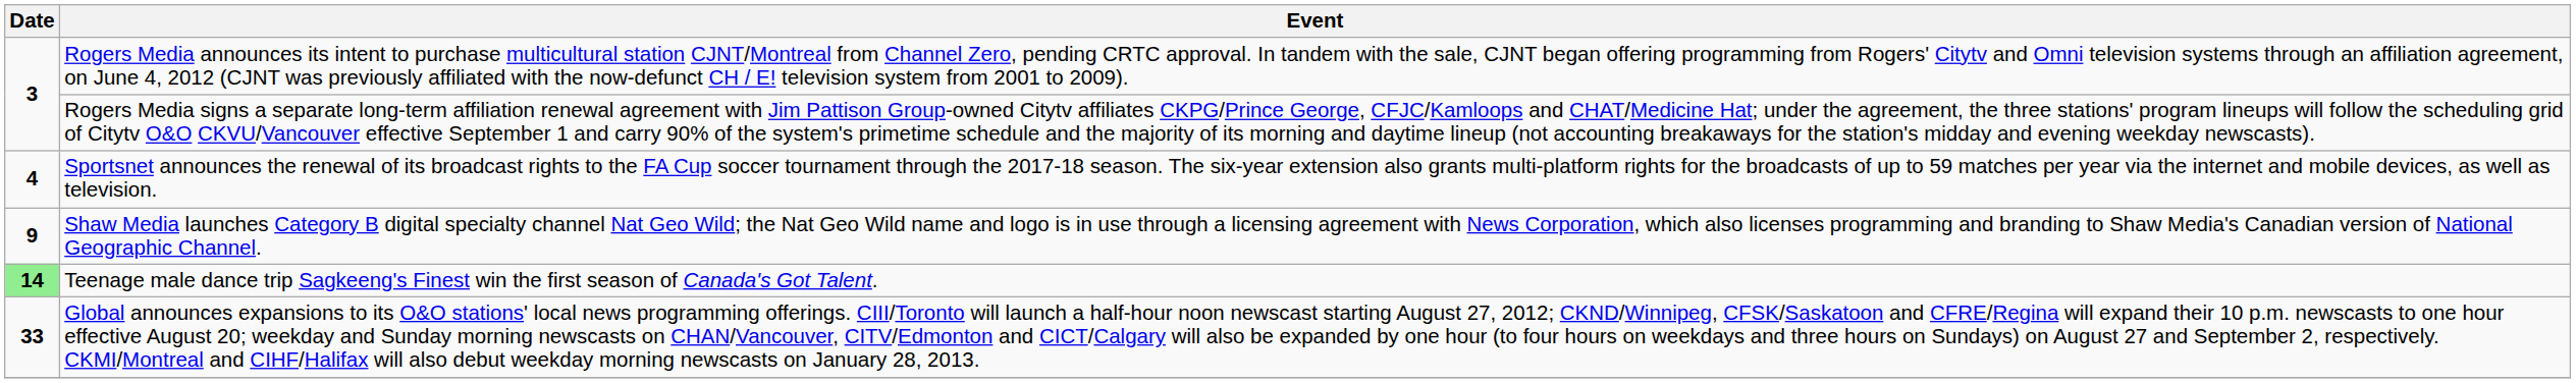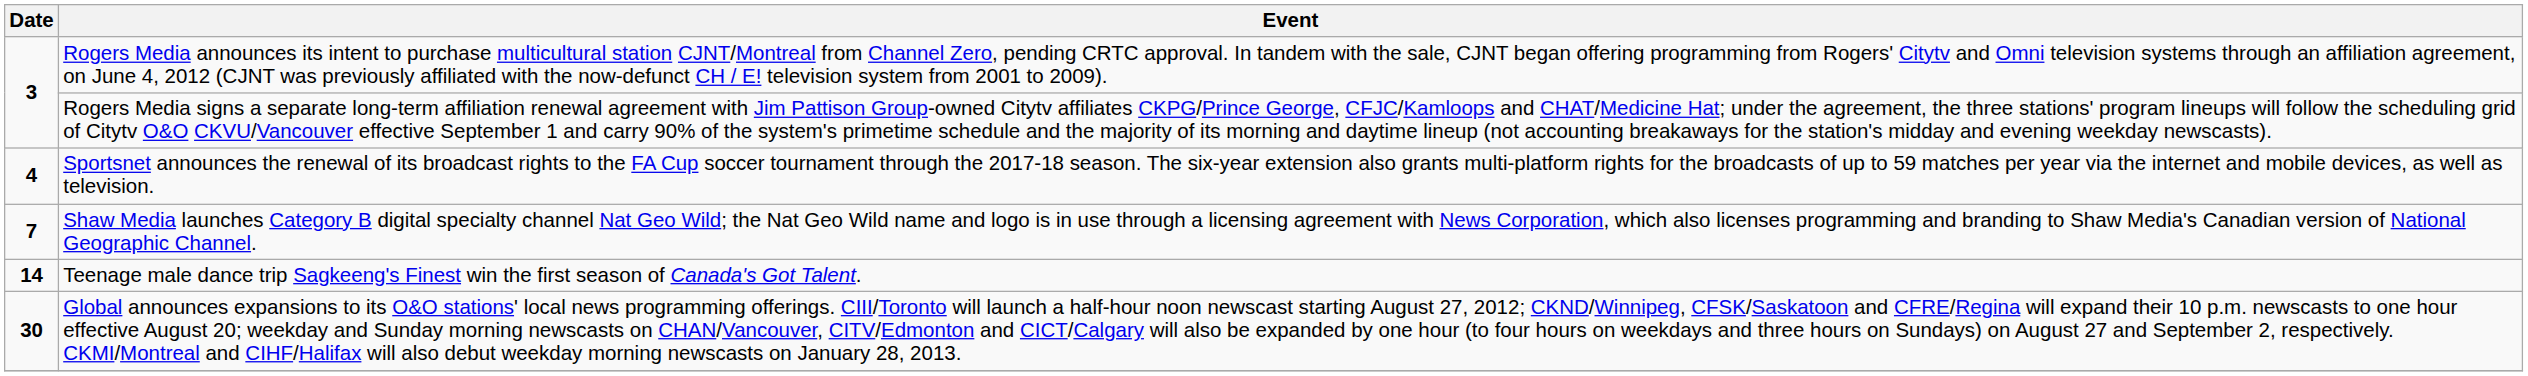 <table class="wikitable">
 <tr>
 <th>Date</th>
 <th>Event</th>
 </tr>
 <tr>
 <td style="text-align:center;" rowspan="2"><strong>3</strong></td>
 <td><a href='#'>Rogers Media</a> announces its intent to purchase <a href='#'>multicultural station</a> <a href='#'>CJNT</a>/<a href='#'>Montreal</a> from <a href='#'>Channel Zero</a>, pending CRTC approval. In tandem with the sale, CJNT began offering programming from Rogers' <a href='#'>Citytv</a> and <a href='#'>Omni</a> television systems through an affiliation agreement, on June 4, 2012 (CJNT was previously affiliated with the now-defunct <a href='#'>CH / E!</a> television system from 2001 to 2009).</td>
 </tr>
 <tr>
 <td>Rogers Media signs a separate long-term affiliation renewal agreement with <a href='#'>Jim Pattison Group</a>-owned Citytv affiliates <a href='#'>CKPG</a>/<a href='#'>Prince George</a>, <a href='#'>CFJC</a>/<a href='#'>Kamloops</a> and <a href='#'>CHAT</a>/<a href='#'>Medicine Hat</a>; under the agreement, the three stations' program lineups will follow the scheduling grid of Citytv <a href='#'>O&O</a> <a href='#'>CKVU</a>/<a href='#'>Vancouver</a> effective September 1 and carry 90% of the system's primetime schedule and the majority of its morning and daytime lineup (not accounting breakaways for the station's midday and evening weekday newscasts).</td>
 </tr>
 <tr>
 <td style="text-align:center;"><strong>4</strong></td>
 <td><a href='#'>Sportsnet</a> announces the renewal of its broadcast rights to the <a href='#'>FA Cup</a> soccer tournament through the 2017-18 season. The six-year extension also grants multi-platform rights for the broadcasts of up to 59 matches per year via the internet and mobile devices, as well as television.</td>
 </tr>
 <tr>
-<td style="text-align:center;"><strong>9</strong></td>
+<td style="text-align:center;"><strong>7</strong></td>
 <td><a href='#'>Shaw Media</a> launches <a href='#'>Category B</a> digital specialty channel <a href='#'>Nat Geo Wild</a>; the Nat Geo Wild name and logo is in use through a licensing agreement with <a href='#'>News Corporation</a>, which also licenses programming and branding to Shaw Media's Canadian version of <a href='#'>National Geographic Channel</a>.</td>
 </tr>
 <tr>
-<td style="background: lightgreen; text-align:center;"><strong>14</strong></td>
+<td style="text-align:center;"><strong>14</strong></td>
 <td>Teenage male dance trip <a href='#'>Sagkeeng's Finest</a> win the first season of <em><a href='#'>Canada's Got Talent</a></em>.</td>
 </tr>
 <tr>
-<td style="text-align:center;"><strong>33</strong></td>
+<td style="text-align:center;"><strong>30</strong></td>
 <td><a href='#'>Global</a> announces expansions to its <a href='#'>O&O stations</a>' local news programming offerings. <a href='#'>CIII</a>/<a href='#'>Toronto</a> will launch a half-hour noon newscast starting August 27, 2012; <a href='#'>CKND</a>/<a href='#'>Winnipeg</a>, <a href='#'>CFSK</a>/<a href='#'>Saskatoon</a> and <a href='#'>CFRE</a>/<a href='#'>Regina</a> will expand their 10 p.m. newscasts to one hour effective August 20; weekday and Sunday morning newscasts on <a href='#'>CHAN</a>/<a href='#'>Vancouver</a>, <a href='#'>CITV</a>/<a href='#'>Edmonton</a> and <a href='#'>CICT</a>/<a href='#'>Calgary</a> will also be expanded by one hour (to four hours on weekdays and three hours on Sundays) on August 27 and September 2, respectively. <a href='#'>CKMI</a>/<a href='#'>Montreal</a> and <a href='#'>CIHF</a>/<a href='#'>Halifax</a> will also debut weekday morning newscasts on January 28, 2013.</td>
 </tr>
 <tr>
 </tr>
 </table>
